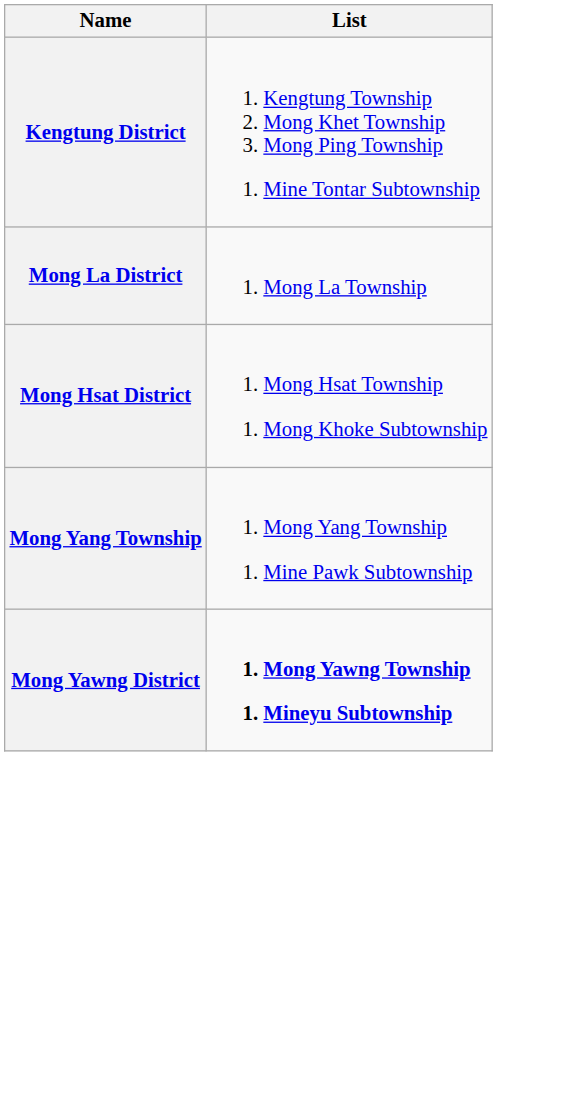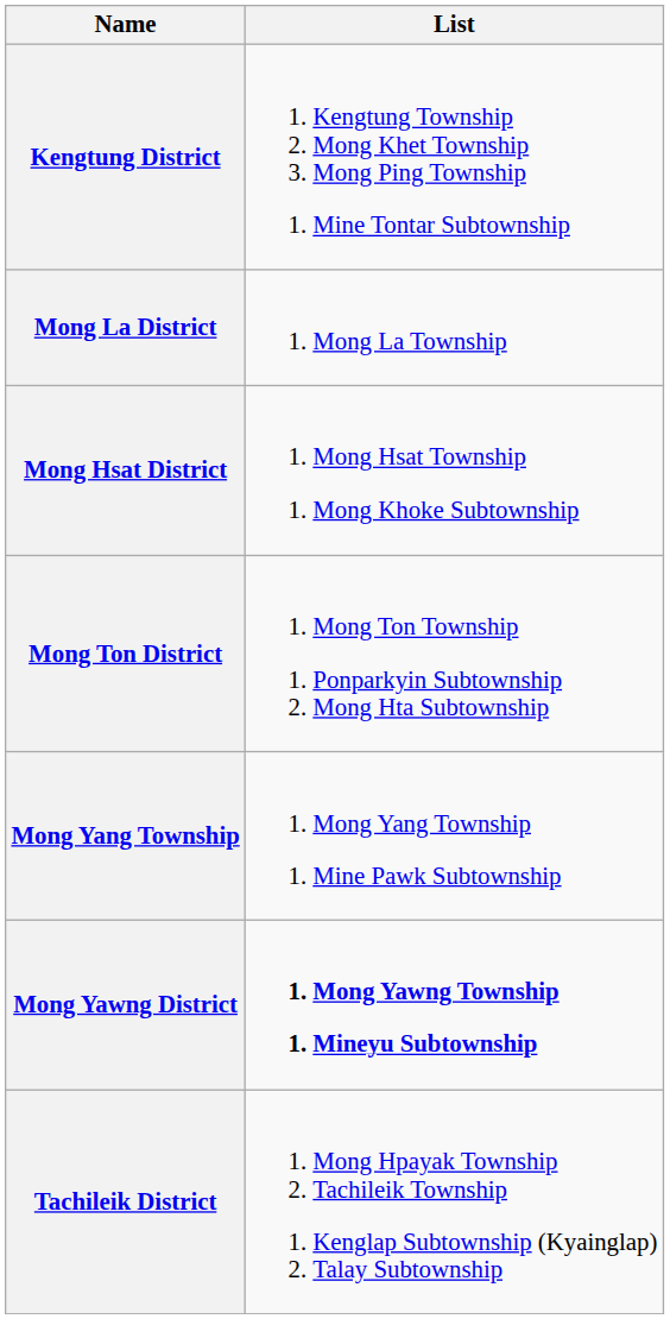 <table class=wikitable>
 <tr>
 <th>Name</th>
 <th>List</th>
 </tr>
 <tr>
 <th><a href='#'>Kengtung District</a></th>
 <td><br> <ol><li><a href='#'>Kengtung Township</a></li><li><a href='#'>Mong Khet Township</a></li><li><a href='#'>Mong Ping Township</a></li></ol><ol><li><a href='#'>Mine Tontar Subtownship</a></li></ol></td>
 </tr>
 <tr>
 <th><a href='#'>Mong La District</a></th>
 <td><br><ol><li><a href='#'>Mong La Township</a></li></ol></td>
 </tr>
 <tr>
 <th><a href='#'>Mong Hsat District</a></th>
 <td><br> <ol><li><a href='#'>Mong Hsat Township</a></li></ol><ol><li><a href='#'>Mong Khoke Subtownship</a></li></ol></td>
 </tr>
 <tr>
+<th><a href='#'>Mong Ton District</a></th>
+<td><br> <ol><li><a href='#'>Mong Ton Township</a></li></ol><ol><li><a href='#'>Ponparkyin Subtownship</a></li><li><a href='#'>Mong Hta Subtownship</a></li></ol></td>
+</tr>
+<tr>
 <th><a href='#'>Mong Yang Township</a></th>
 <td><br> <ol><li><a href='#'>Mong Yang Township</a></li></ol><ol><li><a href='#'>Mine Pawk Subtownship</a></li></ol></td>
 </tr>
 <tr>
 <th><a href='#'>Mong Yawng District</a></th>
 <td><strong><br> <ol><li><a href='#'>Mong Yawng Township</a></li></ol><ol><li><a href='#'>Mineyu Subtownship</a></li></ol></strong></td>
 </tr>
+<tr>
+<th><a href='#'>Tachileik District</a></th>
+<td><br> <ol><li><a href='#'>Mong Hpayak Township</a></li><li><a href='#'>Tachileik Township</a></li></ol><ol><li><a href='#'>Kenglap Subtownship</a> (Kyainglap)</li><li><a href='#'>Talay Subtownship</a></li></ol></td>
+</tr>
 </table>
